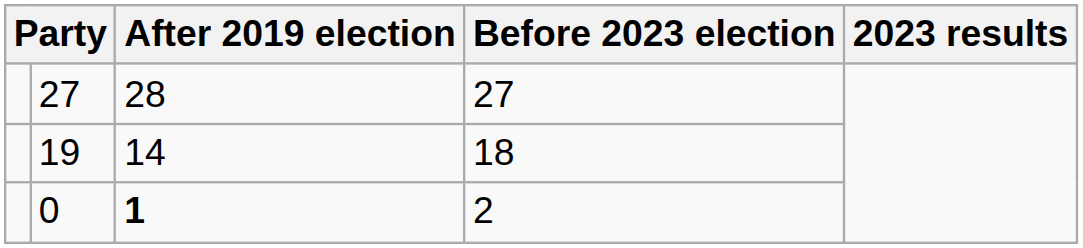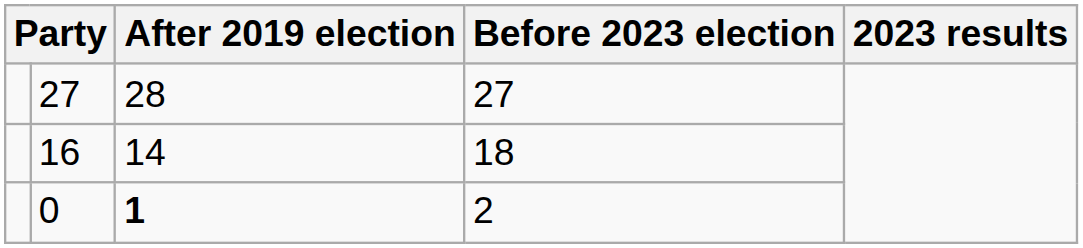 <table class="wikitable">
 <tr>
 <th colspan=2>Party</th>
 <th>After 2019 election</th>
 <th>Before 2023 election</th>
 <th>2023 results</th>
 </tr>
 <tr>
 <td></td>
 <td>27</td>
 <td>28</td>
 <td>27</td>
 </tr>
 <tr>
 <td></td>
-<td>19</td>
+<td>16</td>
 <td>14</td>
 <td>18</td>
 </tr>
 <tr>
 <td></td>
 <td>0</td>
 <td><strong>1</strong></td>
 <td>2</td>
 </tr>
 </table>
